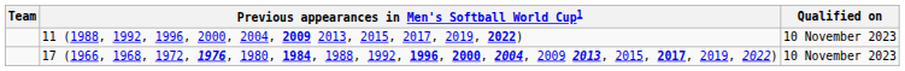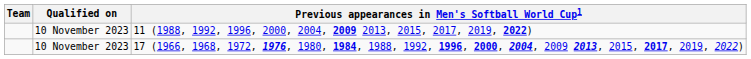 <table class="wikitable sortable">
 <tr>
 <th>Team</th>
+<th>Qualified on</th>
 <th data-sort-type="number">Previous appearances in <a href='#'>Men's Softball World Cup</a><sup><strong><a href='#'>1</a></strong></sup></th>
-<th>Qualified on</th>
 </tr>
 <tr>
 <td></td>
+<td>10 November 2023</td>
 <td>11 (<a href='#'>1988</a>, <a href='#'>1992</a>, <a href='#'>1996</a>, <a href='#'>2000</a>, <a href='#'>2004</a>, <strong><a href='#'>2009</a></strong> <a href='#'>2013</a>, <a href='#'>2015</a>, <a href='#'>2017</a>, <a href='#'>2019</a>, <strong><a href='#'>2022</a></strong>)</td>
-<td>10 November 2023</td>
 </tr>
 <tr>
 <td></td>
+<td>10 November 2023</td>
 <td>17 (<a href='#'>1966</a>, <a href='#'>1968</a>, <a href='#'>1972</a>, <strong><em><a href='#'>1976</a></em></strong>, <a href='#'>1980</a>, <strong><a href='#'>1984</a></strong>, <a href='#'>1988</a>, <a href='#'>1992</a>, <strong><a href='#'>1996</a></strong>, <strong><a href='#'>2000</a></strong>, <strong><em><a href='#'>2004</a></em></strong>, <a href='#'>2009</a> <strong><em><a href='#'>2013</a></em></strong>, <a href='#'>2015</a>, <strong><a href='#'>2017</a></strong>, <a href='#'>2019</a>, <em><a href='#'>2022</a></em>)</td>
-<td>10 November 2023</td>
 </tr>
 </table>
